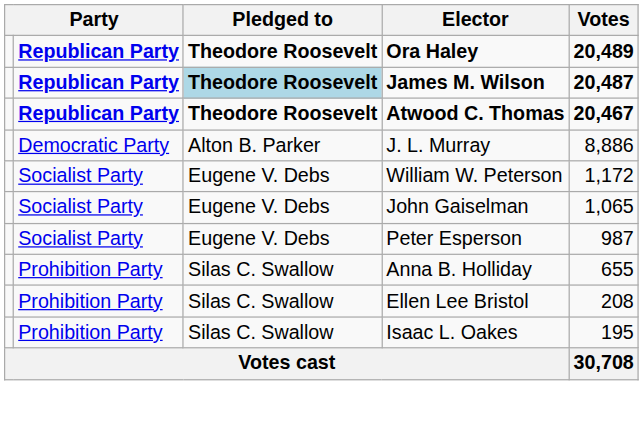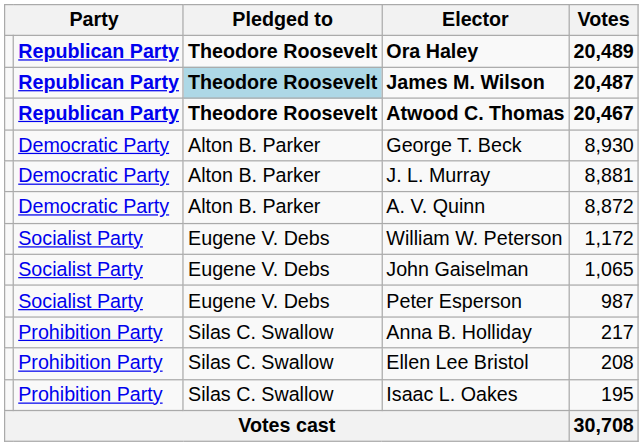 <table class="wikitable">
 <tr>
 <th colspan=2>Party</th>
 <th>Pledged to</th>
 <th>Elector</th>
 <th>Votes</th>
 </tr>
 <tr style="font-weight:bold">
 <td></td>
 <td><a href='#'>Republican Party</a></td>
 <td>Theodore Roosevelt</td>
 <td>Ora Haley</td>
 <td align="right">20,489</td>
 </tr>
 <tr style="font-weight:bold">
 <td></td>
 <td><a href='#'>Republican Party</a></td>
 <td style="background: lightblue;">Theodore Roosevelt</td>
 <td>James M. Wilson</td>
 <td align="right">20,487</td>
 </tr>
 <tr style="font-weight:bold">
 <td></td>
 <td><a href='#'>Republican Party</a></td>
 <td>Theodore Roosevelt</td>
 <td>Atwood C. Thomas</td>
 <td align="right">20,467</td>
 </tr>
 <tr>
 <td></td>
 <td><a href='#'>Democratic Party</a></td>
 <td>Alton B. Parker</td>
+<td>George T. Beck</td>
+<td align="right">8,930</td>
+</tr>
+<tr>
+<td></td>
+<td><a href='#'>Democratic Party</a></td>
+<td>Alton B. Parker</td>
 <td>J. L. Murray</td>
-<td align="right">8,886</td>
+<td align="right">8,881</td>
+</tr>
+<tr>
+<td></td>
+<td><a href='#'>Democratic Party</a></td>
+<td>Alton B. Parker</td>
+<td>A. V. Quinn</td>
+<td align="right">8,872</td>
 </tr>
 <tr>
 <td></td>
 <td><a href='#'>Socialist Party</a></td>
 <td>Eugene V. Debs</td>
 <td>William W. Peterson</td>
 <td align="right">1,172</td>
 </tr>
 <tr>
 <td></td>
 <td><a href='#'>Socialist Party</a></td>
 <td>Eugene V. Debs</td>
 <td>John Gaiselman</td>
 <td align="right">1,065</td>
 </tr>
 <tr>
 <td></td>
 <td><a href='#'>Socialist Party</a></td>
 <td>Eugene V. Debs</td>
 <td>Peter Esperson</td>
 <td align="right">987</td>
 </tr>
 <tr>
 <td></td>
 <td><a href='#'>Prohibition Party</a></td>
 <td>Silas C. Swallow</td>
 <td>Anna B. Holliday</td>
-<td align="right">655</td>
+<td align="right">217</td>
 </tr>
 <tr>
 <td></td>
 <td><a href='#'>Prohibition Party</a></td>
 <td>Silas C. Swallow</td>
 <td>Ellen Lee Bristol</td>
 <td align="right">208</td>
 </tr>
 <tr>
 <td></td>
 <td><a href='#'>Prohibition Party</a></td>
 <td>Silas C. Swallow</td>
 <td>Isaac L. Oakes</td>
 <td align="right">195</td>
 </tr>
 <tr>
 <th colspan="4">Votes cast</th>
 <th>30,708</th>
 </tr>
 </table>
